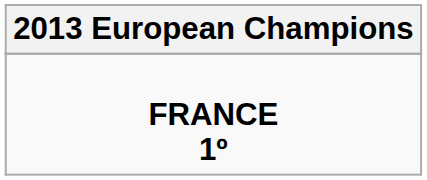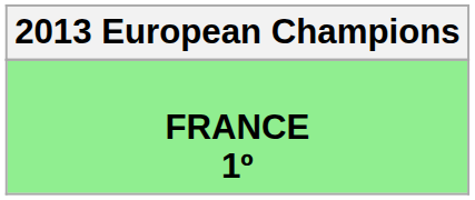 <table class="wikitable" style="text-align: center; margin: 0 auto;">
 <tr>
 <th>2013 European Champions</th>
 </tr>
 <tr>
 </tr>
 <tr>
-<td><br><strong>FRANCE</strong><br><strong>1º</strong></td>
+<td style="background: lightgreen;"><br><strong>FRANCE</strong><br><strong>1º</strong></td>
 </tr>
 </table>
